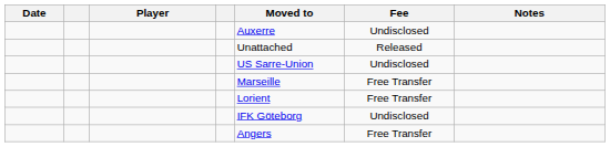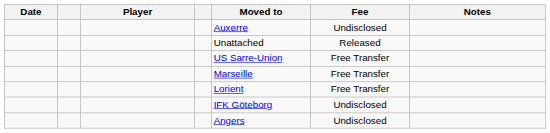 <table class="wikitable sortable">
 <tr>
 <th style="width:80px;">Date</th>
 <th style="width:30px;"></th>
 <th style="width:180px;">Player</th>
 <th style="width:20px;"></th>
 <th style="width:155px;">Moved to</th>
 <th style="width:155px;" class="unsortable">Fee</th>
 <th style="width:215px;" class="unsortable">Notes</th>
 </tr>
 <tr>
 <td></td>
 <td align=center></td>
 <td> </td>
 <td></td>
 <td> <a href='#'>Auxerre</a></td>
 <td align=center>Undisclosed</td>
 <td align=center></td>
 </tr>
 <tr>
 <td></td>
 <td align=center></td>
 <td> </td>
 <td></td>
 <td>Unattached</td>
 <td align=center>Released</td>
 <td align=center></td>
 </tr>
 <tr>
 <td></td>
 <td align=center></td>
 <td> </td>
 <td></td>
 <td> <a href='#'>US Sarre-Union</a></td>
-<td align=center>Undisclosed</td>
+<td align=center>Free Transfer</td>
 <td align=center></td>
 </tr>
 <tr>
 <td></td>
 <td align=center></td>
 <td> </td>
 <td></td>
 <td> <a href='#'>Marseille</a></td>
 <td align=center>Free Transfer</td>
 <td align=center></td>
 </tr>
 <tr>
 <td></td>
 <td align=center></td>
 <td> </td>
 <td></td>
 <td> <a href='#'>Lorient</a></td>
 <td align=center>Free Transfer</td>
 <td align=center></td>
 </tr>
 <tr>
 <td></td>
 <td align=center></td>
 <td> </td>
 <td></td>
 <td> <a href='#'>IFK Göteborg</a></td>
 <td align=center>Undisclosed</td>
 <td align=center></td>
 </tr>
 <tr>
 <td></td>
 <td align=center></td>
 <td> </td>
 <td></td>
 <td> <a href='#'>Angers</a></td>
-<td align=center>Free Transfer</td>
+<td align=center>Undisclosed</td>
 <td align=center></td>
 </tr>
 </table>
